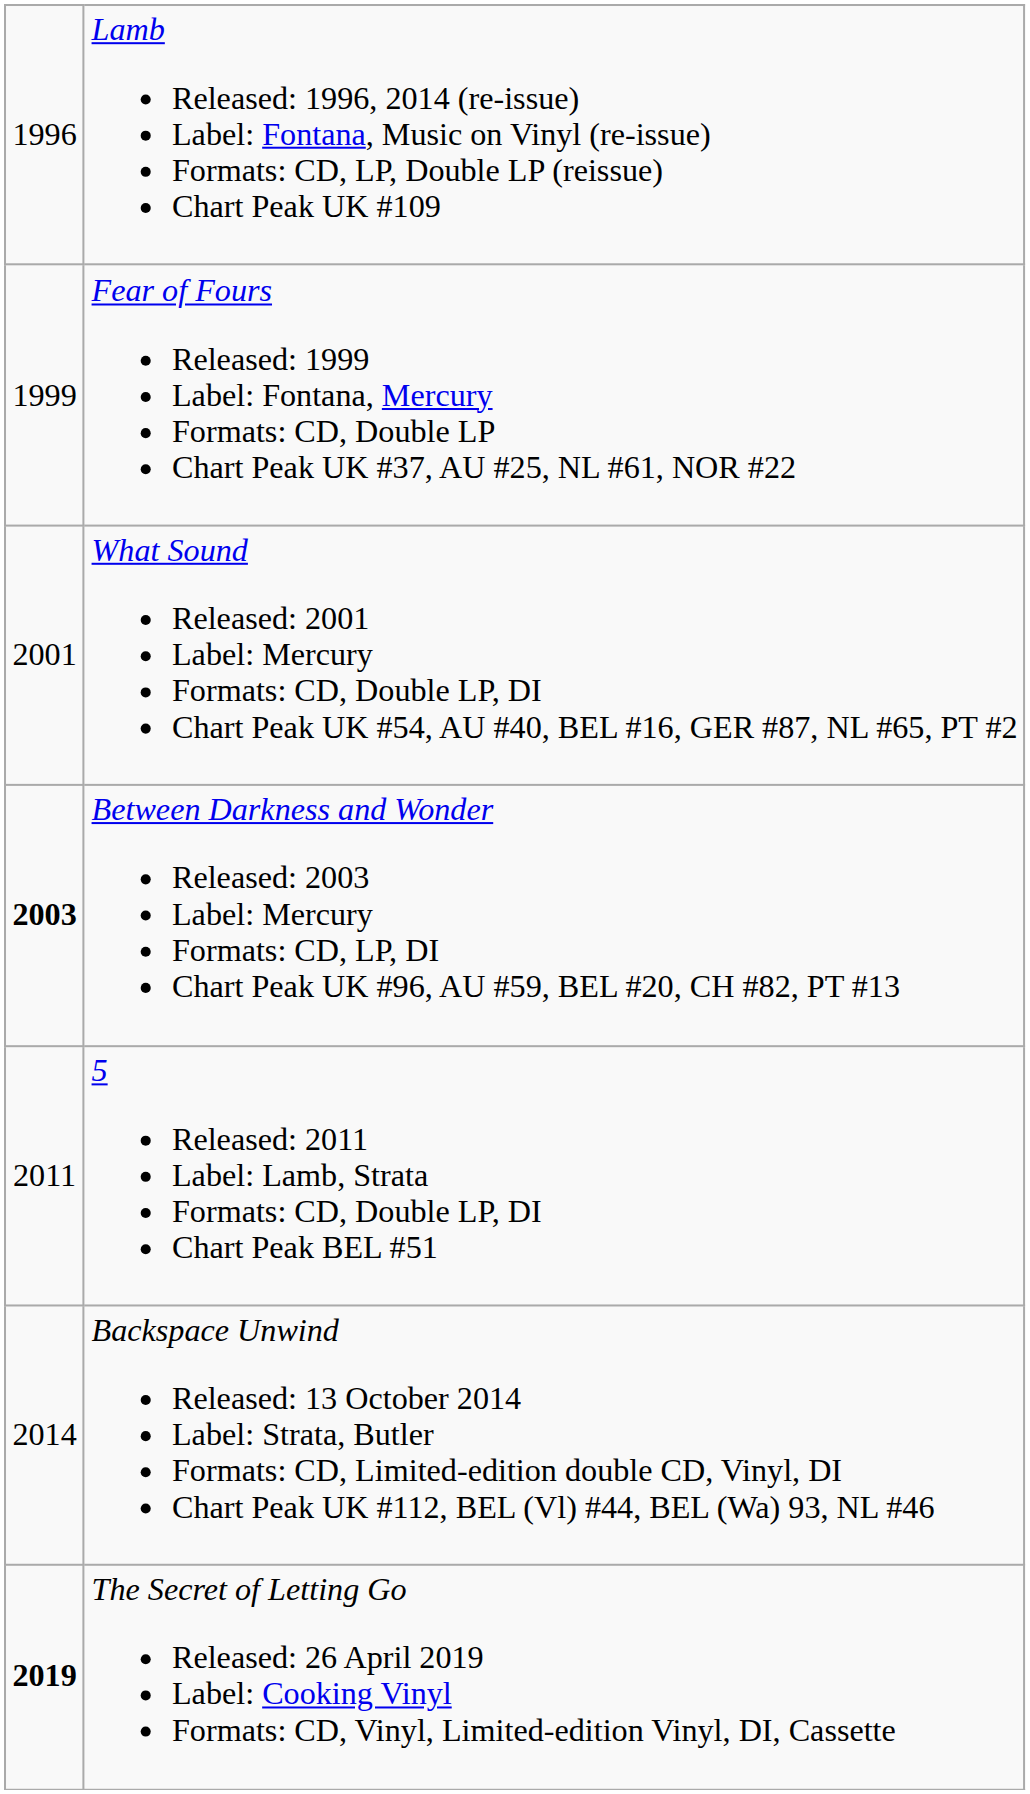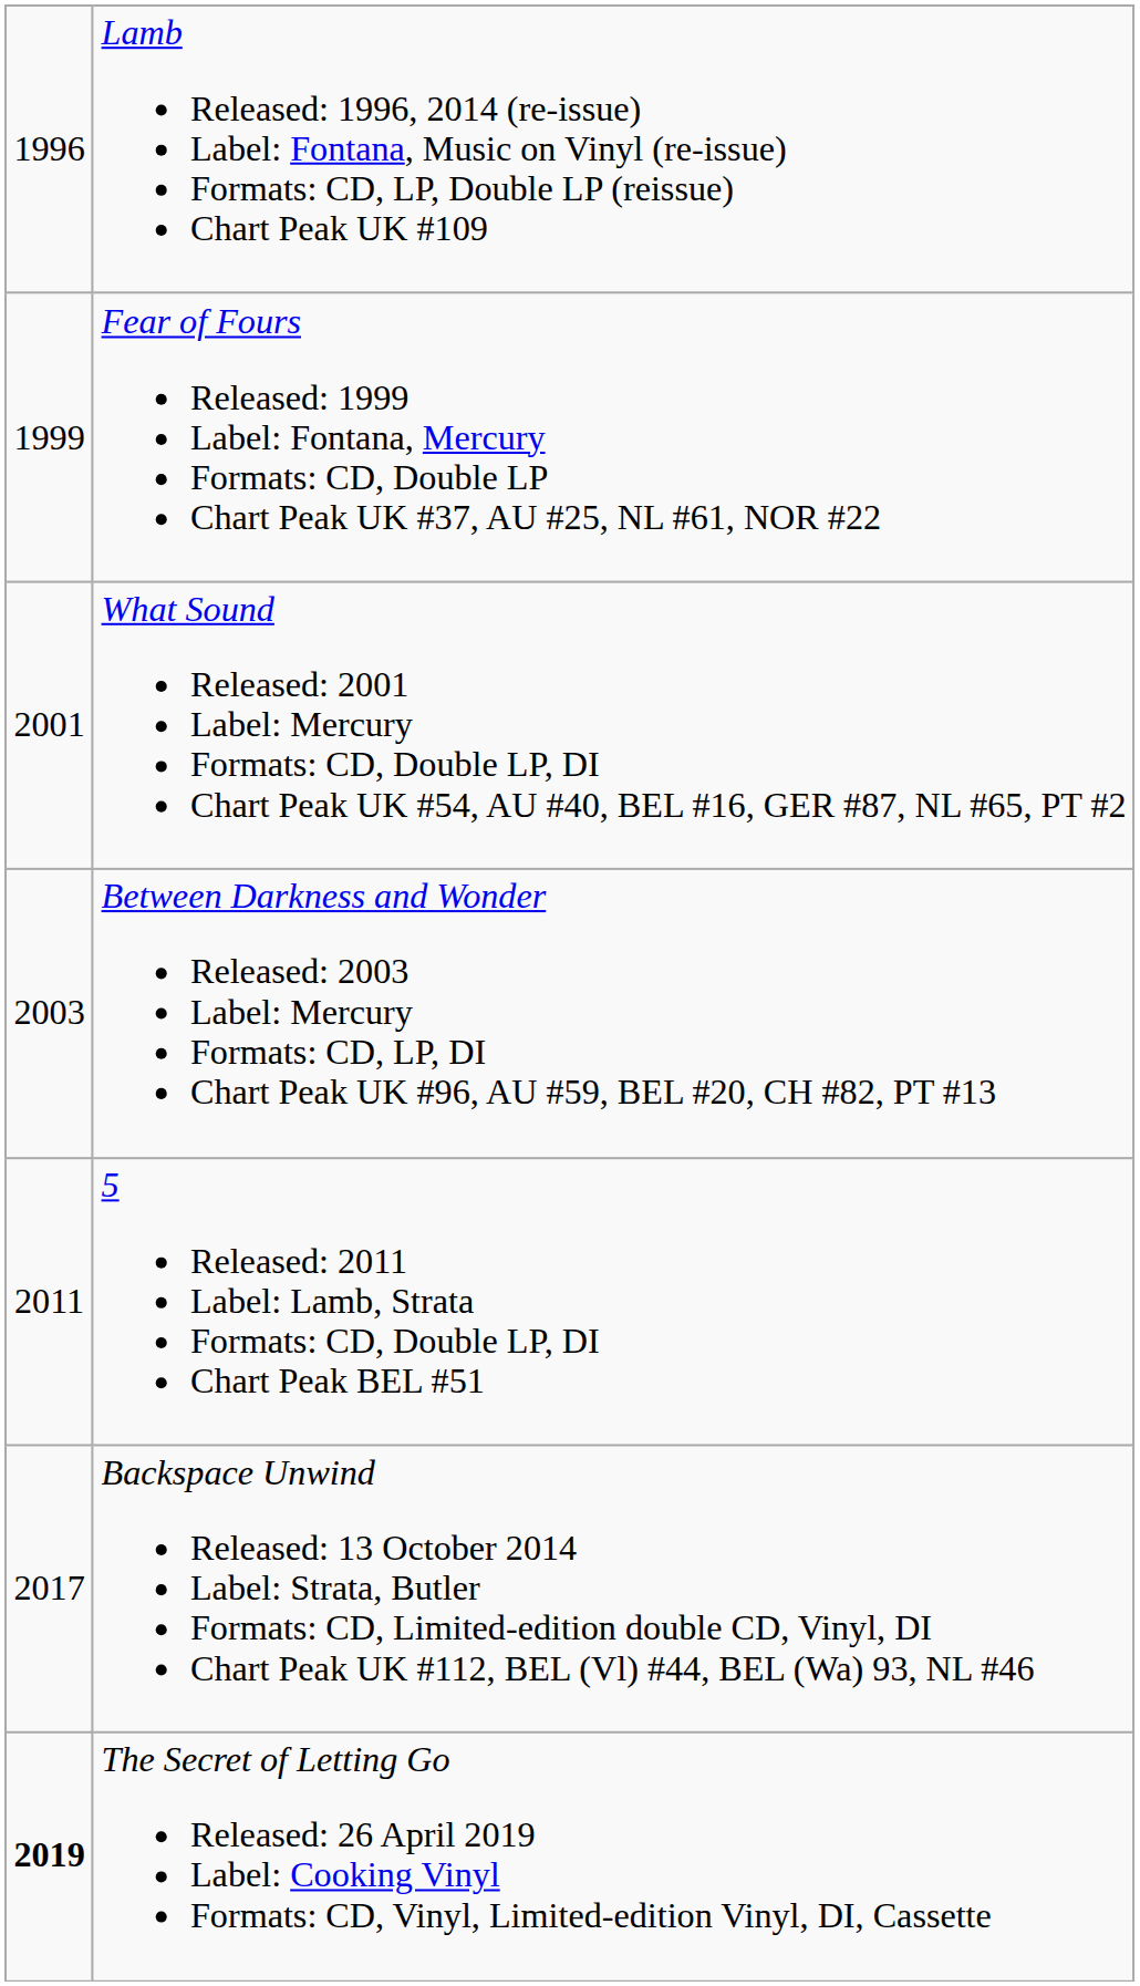 <table class="wikitable">
 <tr>
 <td style="text-align:center;">1996</td>
 <td><em><a href='#'>Lamb</a></em><br><ul><li>Released: 1996, 2014 (re-issue)</li><li>Label: <a href='#'>Fontana</a>, Music on Vinyl (re-issue)</li><li>Formats: CD, LP, Double LP (reissue)</li><li>Chart Peak UK #109</li></ul></td>
 </tr>
 <tr>
 <td style="text-align:center;">1999</td>
 <td><em><a href='#'>Fear of Fours</a></em><br><ul><li>Released: 1999</li><li>Label: Fontana, <a href='#'>Mercury</a></li><li>Formats: CD, Double LP</li><li>Chart Peak UK #37, AU #25, NL #61, NOR #22</li></ul></td>
 </tr>
 <tr>
 <td style="text-align:center;">2001</td>
 <td><em><a href='#'>What Sound</a></em><br><ul><li>Released: 2001</li><li>Label: Mercury</li><li>Formats: CD, Double LP, DI</li><li>Chart Peak UK #54, AU #40, BEL #16, GER #87, NL #65, PT #2</li></ul></td>
 </tr>
 <tr>
-<td style="text-align:center;"><strong>2003</strong></td>
+<td style="text-align:center;">2003</td>
 <td><em><a href='#'>Between Darkness and Wonder</a></em><br><ul><li>Released: 2003</li><li>Label: Mercury</li><li>Formats: CD, LP, DI</li><li>Chart Peak UK #96, AU #59, BEL #20, CH #82, PT #13</li></ul></td>
 </tr>
 <tr>
 <td style="text-align:center;">2011</td>
 <td><em><a href='#'>5</a></em><br><ul><li>Released: 2011</li><li>Label: Lamb, Strata</li><li>Formats: CD, Double LP, DI</li><li>Chart Peak BEL #51</li></ul></td>
 </tr>
 <tr>
-<td style="text-align:center;">2014</td>
+<td style="text-align:center;">2017</td>
 <td><em>Backspace Unwind</em><br><ul><li>Released: 13 October 2014</li><li>Label: Strata, Butler</li><li>Formats: CD, Limited-edition double CD, Vinyl, DI</li><li>Chart Peak UK #112, BEL (Vl) #44, BEL (Wa) 93, NL #46</li></ul></td>
 </tr>
 <tr>
 <td style="text-align:center;"><strong>2019</strong></td>
 <td><em>The Secret of Letting Go</em><br><ul><li>Released: 26 April 2019</li><li>Label: <a href='#'>Cooking Vinyl</a></li><li>Formats: CD, Vinyl, Limited-edition Vinyl, DI, Cassette</li></ul></td>
 </tr>
 <tr>
 </tr>
 </table>
